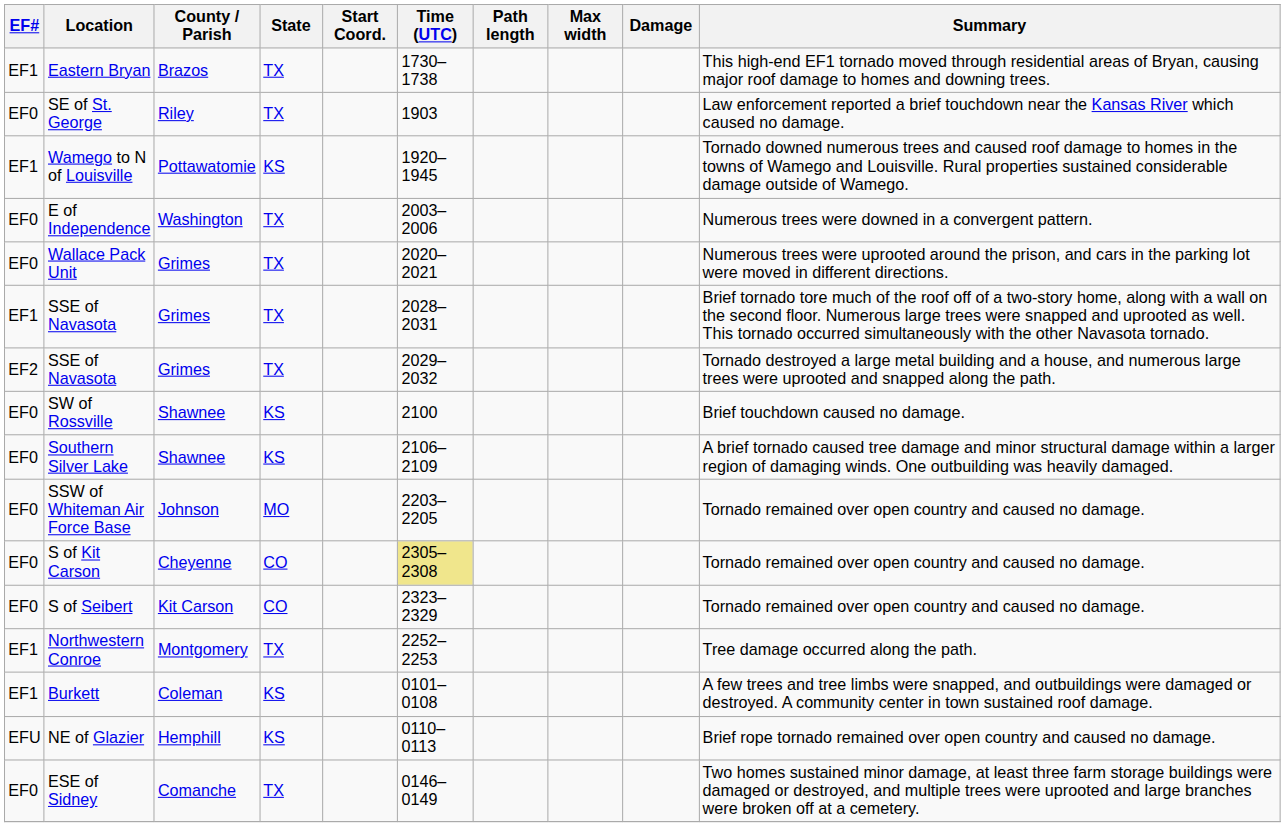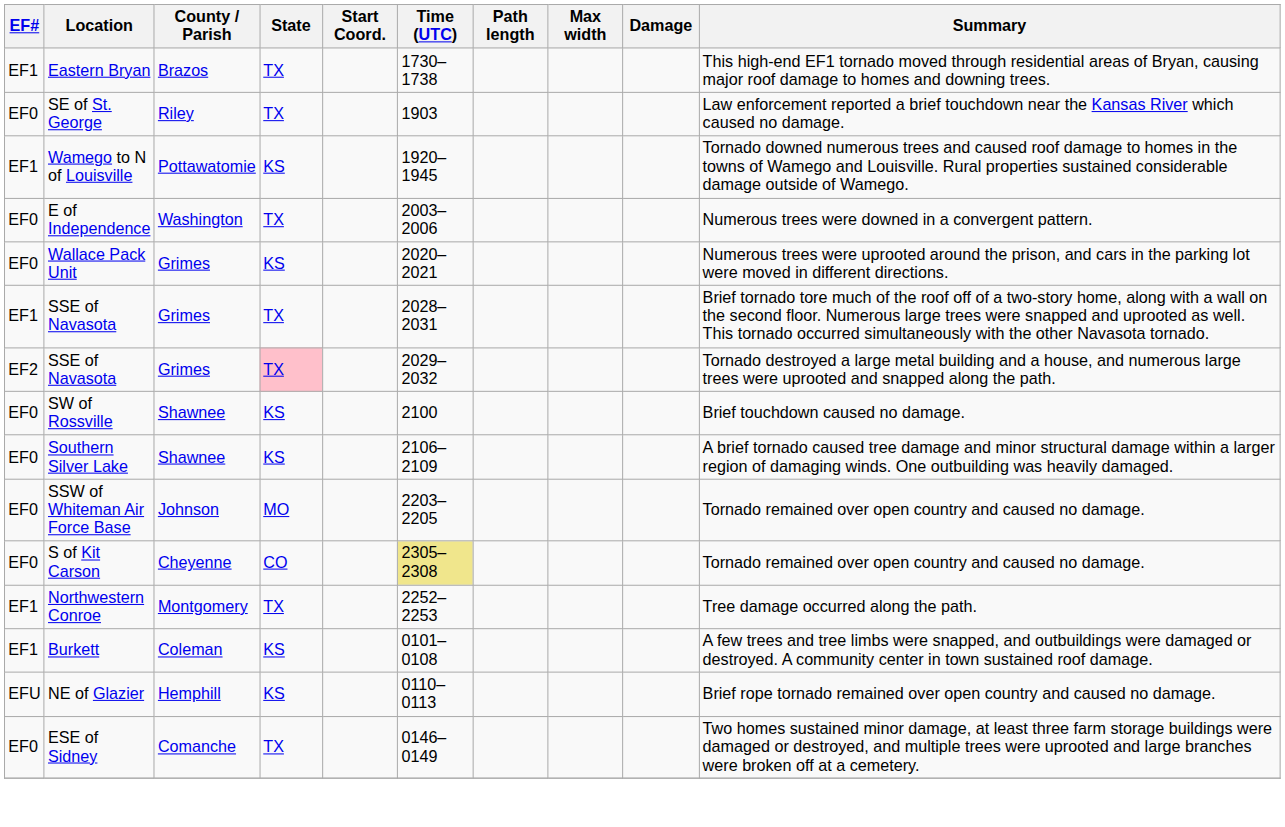 <table class="wikitable sortable" style="width:100%;">
 <tr>
 <th scope="col" width="3%" align="center"><a href='#'>EF#</a></th>
 <th scope="col" width="7%" align="center" class="unsortable">Location</th>
 <th scope="col" width="6%" align="center" class="unsortable">County / Parish</th>
 <th scope="col" width="5%" align="center">State</th>
 <th scope="col" width="6%" align="center">Start Coord.</th>
 <th scope="col" width="6%" align="center">Time (<a href='#'>UTC</a>)</th>
 <th scope="col" width="6%" align="center">Path length</th>
 <th scope="col" width="6%" align="center">Max width</th>
 <th scope="col" width="6%" align="center">Damage</th>
 <th scope="col" width="48%" class="unsortable" align="center">Summary</th>
 </tr>
 <tr>
 <td>EF1</td>
 <td><a href='#'>Eastern Bryan</a></td>
 <td><a href='#'>Brazos</a></td>
 <td><a href='#'>TX</a></td>
 <td></td>
 <td>1730–1738</td>
 <td></td>
 <td></td>
 <td></td>
 <td>This high-end EF1 tornado moved through residential areas of Bryan, causing major roof damage to homes and downing trees.</td>
 </tr>
 <tr>
 <td>EF0</td>
 <td>SE of <a href='#'>St. George</a></td>
 <td><a href='#'>Riley</a></td>
 <td><a href='#'>TX</a></td>
 <td></td>
 <td>1903</td>
 <td></td>
 <td></td>
 <td></td>
 <td>Law enforcement reported a brief touchdown near the <a href='#'>Kansas River</a> which caused no damage.</td>
 </tr>
 <tr>
 <td>EF1</td>
 <td><a href='#'>Wamego</a> to N of <a href='#'>Louisville</a></td>
 <td><a href='#'>Pottawatomie</a></td>
 <td><a href='#'>KS</a></td>
 <td></td>
 <td>1920–1945</td>
 <td></td>
 <td></td>
 <td></td>
 <td>Tornado downed numerous trees and caused roof damage to homes in the towns of Wamego and Louisville. Rural properties sustained considerable damage outside of Wamego.</td>
 </tr>
 <tr>
 <td>EF0</td>
 <td>E of <a href='#'>Independence</a></td>
 <td><a href='#'>Washington</a></td>
 <td><a href='#'>TX</a></td>
 <td></td>
 <td>2003–2006</td>
 <td></td>
 <td></td>
 <td></td>
 <td>Numerous trees were downed in a convergent pattern.</td>
 </tr>
 <tr>
 <td>EF0</td>
 <td><a href='#'>Wallace Pack Unit</a></td>
 <td><a href='#'>Grimes</a></td>
-<td><a href='#'>TX</a></td>
+<td><a href='#'>KS</a></td>
 <td></td>
 <td>2020–2021</td>
 <td></td>
 <td></td>
 <td></td>
 <td>Numerous trees were uprooted around the prison, and cars in the parking lot were moved in different directions.</td>
 </tr>
 <tr>
 <td>EF1</td>
 <td>SSE of <a href='#'>Navasota</a></td>
 <td><a href='#'>Grimes</a></td>
 <td><a href='#'>TX</a></td>
 <td></td>
 <td>2028–2031</td>
 <td></td>
 <td></td>
 <td></td>
 <td>Brief tornado tore much of the roof off of a two-story home, along with a wall on the second floor. Numerous large trees were snapped and uprooted as well. This tornado occurred simultaneously with the other Navasota tornado.</td>
 </tr>
 <tr>
 <td>EF2</td>
 <td>SSE of <a href='#'>Navasota</a></td>
 <td><a href='#'>Grimes</a></td>
-<td><a href='#'>TX</a></td>
+<td style="background: pink;"><a href='#'>TX</a></td>
 <td></td>
 <td>2029–2032</td>
 <td></td>
 <td></td>
 <td></td>
 <td>Tornado destroyed a large metal building and a house, and numerous large trees were uprooted and snapped along the path.</td>
 </tr>
 <tr>
 <td>EF0</td>
 <td>SW of <a href='#'>Rossville</a></td>
 <td><a href='#'>Shawnee</a></td>
 <td><a href='#'>KS</a></td>
 <td></td>
 <td>2100</td>
 <td></td>
 <td></td>
 <td></td>
 <td>Brief touchdown caused no damage.</td>
 </tr>
 <tr>
 <td>EF0</td>
 <td><a href='#'>Southern Silver Lake</a></td>
 <td><a href='#'>Shawnee</a></td>
 <td><a href='#'>KS</a></td>
 <td></td>
 <td>2106–2109</td>
 <td></td>
 <td></td>
 <td></td>
 <td>A brief tornado caused tree damage and minor structural damage within a larger region of damaging winds. One outbuilding was heavily damaged.</td>
 </tr>
 <tr>
 <td>EF0</td>
 <td>SSW of <a href='#'>Whiteman Air Force Base</a></td>
 <td><a href='#'>Johnson</a></td>
 <td><a href='#'>MO</a></td>
 <td></td>
 <td>2203–2205</td>
 <td></td>
 <td></td>
 <td></td>
 <td>Tornado remained over open country and caused no damage.</td>
 </tr>
 <tr>
 <td>EF0</td>
 <td>S of <a href='#'>Kit Carson</a></td>
 <td><a href='#'>Cheyenne</a></td>
 <td><a href='#'>CO</a></td>
 <td></td>
 <td style="background: khaki;">2305–2308</td>
 <td></td>
 <td></td>
 <td></td>
 <td>Tornado remained over open country and caused no damage.</td>
 </tr>
 <tr>
-<td>EF0</td>
-<td>S of <a href='#'>Seibert</a></td>
-<td><a href='#'>Kit Carson</a></td>
-<td><a href='#'>CO</a></td>
-<td></td>
-<td>2323–2329</td>
-<td></td>
-<td></td>
-<td></td>
-<td>Tornado remained over open country and caused no damage.</td>
-</tr>
-<tr>
 <td>EF1</td>
 <td><a href='#'>Northwestern Conroe</a></td>
 <td><a href='#'>Montgomery</a></td>
 <td><a href='#'>TX</a></td>
 <td></td>
 <td>2252–2253</td>
 <td></td>
 <td></td>
 <td></td>
 <td>Tree damage occurred along the path.</td>
 </tr>
 <tr>
 <td>EF1</td>
 <td><a href='#'>Burkett</a></td>
 <td><a href='#'>Coleman</a></td>
 <td><a href='#'>KS</a></td>
 <td></td>
 <td>0101–0108</td>
 <td></td>
 <td></td>
 <td></td>
 <td>A few trees and tree limbs were snapped, and outbuildings were damaged or destroyed. A community center in town sustained roof damage.</td>
 </tr>
 <tr>
 <td>EFU</td>
 <td>NE of <a href='#'>Glazier</a></td>
 <td><a href='#'>Hemphill</a></td>
 <td><a href='#'>KS</a></td>
 <td></td>
 <td>0110–0113</td>
 <td></td>
 <td></td>
 <td></td>
 <td>Brief rope tornado remained over open country and caused no damage.</td>
 </tr>
 <tr>
 <td>EF0</td>
 <td>ESE of <a href='#'>Sidney</a></td>
 <td><a href='#'>Comanche</a></td>
 <td><a href='#'>TX</a></td>
 <td></td>
 <td>0146–0149</td>
 <td></td>
 <td></td>
 <td></td>
 <td>Two homes sustained minor damage, at least three farm storage buildings were damaged or destroyed, and multiple trees were uprooted and large branches were broken off at a cemetery.</td>
 </tr>
 <tr>
 </tr>
 </table>
